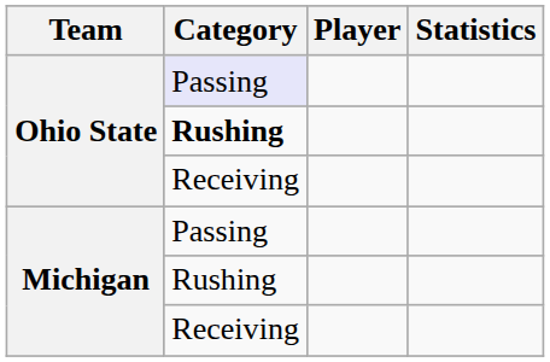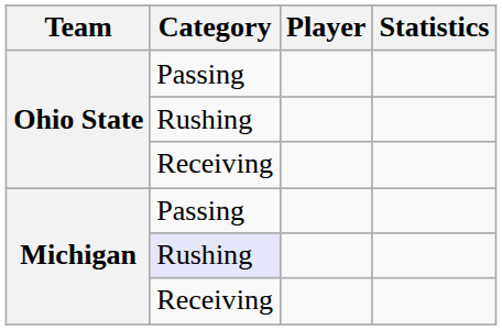 <table class="wikitable" style="float:right">
 <tr>
 <th>Team</th>
 <th>Category</th>
 <th>Player</th>
 <th>Statistics</th>
 </tr>
 <tr>
 <th rowspan=3>Ohio State</th>
-<td style="background: lavender;">Passing</td>
+<td>Passing</td>
 <td></td>
 <td></td>
 </tr>
 <tr>
-<td><strong>Rushing</strong></td>
+<td>Rushing</td>
 <td></td>
 <td></td>
 </tr>
 <tr>
 <td>Receiving</td>
 <td></td>
 <td></td>
 </tr>
 <tr>
 <th rowspan=3>Michigan</th>
 <td>Passing</td>
 <td></td>
 <td></td>
 </tr>
 <tr>
-<td>Rushing</td>
+<td style="background: lavender;">Rushing</td>
 <td></td>
 <td></td>
 </tr>
 <tr>
 <td>Receiving</td>
 <td></td>
 <td></td>
 </tr>
 </table>
